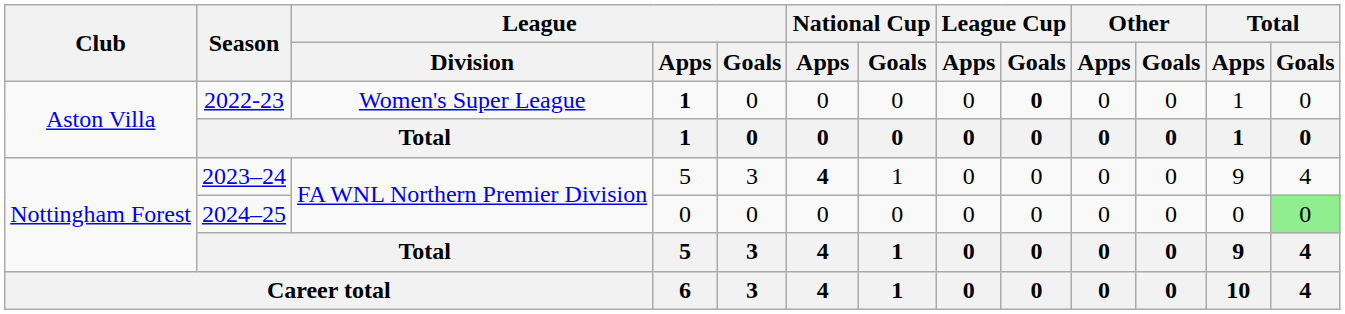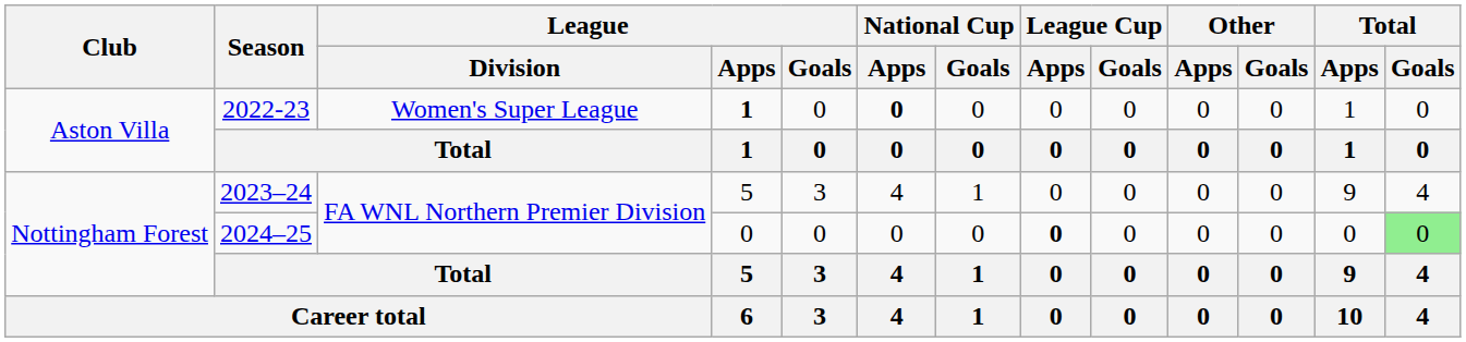 <table class="wikitable" style="text-align: center">
 <tr>
 <th rowspan="2">Club</th>
 <th rowspan="2">Season</th>
 <th colspan="3">League</th>
 <th colspan="2">National Cup</th>
 <th colspan="2">League Cup</th>
 <th colspan="2">Other</th>
 <th colspan="2">Total</th>
 </tr>
 <tr>
 <th>Division</th>
 <th>Apps</th>
 <th>Goals</th>
 <th>Apps</th>
 <th>Goals</th>
 <th>Apps</th>
 <th>Goals</th>
 <th>Apps</th>
 <th>Goals</th>
 <th>Apps</th>
 <th>Goals</th>
 </tr>
 <tr>
 <td rowspan="2"><a href='#'>Aston Villa</a></td>
 <td><a href='#'>2022-23</a></td>
 <td rowspan="1"><a href='#'>Women's Super League</a></td>
 <td><strong>1</strong></td>
 <td>0</td>
+<td><strong>0</strong></td>
 <td>0</td>
 <td>0</td>
 <td>0</td>
-<td><strong>0</strong></td>
 <td>0</td>
 <td>0</td>
 <td>1</td>
 <td>0</td>
 </tr>
 <tr>
 <th colspan="2"><strong>Total</strong></th>
 <th>1</th>
 <th>0</th>
 <th>0</th>
 <th>0</th>
 <th>0</th>
 <th>0</th>
 <th>0</th>
 <th>0</th>
 <th>1</th>
 <th>0</th>
 </tr>
 <tr>
 <td rowspan="3"><a href='#'>Nottingham Forest</a></td>
 <td><a href='#'>2023–24</a></td>
 <td rowspan="2"><a href='#'>FA WNL Northern Premier Division</a></td>
 <td>5</td>
 <td>3</td>
-<td><strong>4</strong></td>
+<td>4</td>
 <td>1</td>
 <td>0</td>
 <td>0</td>
 <td>0</td>
 <td>0</td>
 <td>9</td>
 <td>4</td>
 </tr>
 <tr>
 <td><a href='#'>2024–25</a></td>
 <td>0</td>
 <td>0</td>
 <td>0</td>
 <td>0</td>
-<td>0</td>
+<td><strong>0</strong></td>
 <td>0</td>
 <td>0</td>
 <td>0</td>
 <td>0</td>
 <td style="background: lightgreen;">0</td>
 </tr>
 <tr>
 <th colspan="2"><strong>Total</strong></th>
 <th>5</th>
 <th>3</th>
 <th>4</th>
 <th>1</th>
 <th>0</th>
 <th>0</th>
 <th>0</th>
 <th>0</th>
 <th>9</th>
 <th>4</th>
 </tr>
 <tr>
 <th colspan="3"><strong>Career total</strong></th>
 <th>6</th>
 <th>3</th>
 <th>4</th>
 <th>1</th>
 <th>0</th>
 <th>0</th>
 <th>0</th>
 <th>0</th>
 <th>10</th>
 <th>4</th>
 </tr>
 </table>
